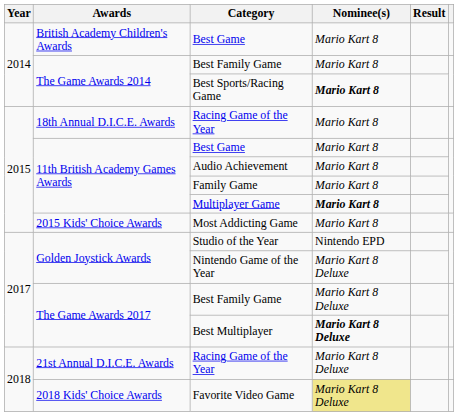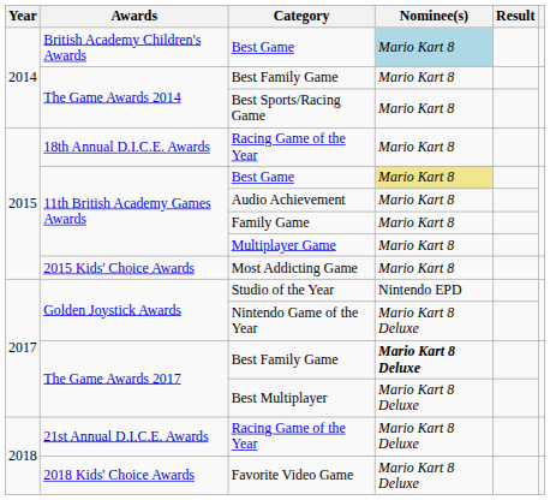 <table class="wikitable mw-collapsible">
 <tr>
 <th>Year</th>
 <th>Awards</th>
 <th>Category</th>
 <th>Nominee(s)</th>
 <th>Result</th>
 <th></th>
 </tr>
 <tr>
 <td rowspan="3" align="center">2014</td>
 <td><a href='#'>British Academy Children's Awards</a></td>
 <td><a href='#'>Best Game</a></td>
-<td><em>Mario Kart 8</em></td>
+<td style="background: lightblue;"><em>Mario Kart 8</em></td>
 <td></td>
 <td align="center"></td>
 </tr>
 <tr>
 <td rowspan="2"><a href='#'>The Game Awards 2014</a></td>
 <td>Best Family Game</td>
 <td><em>Mario Kart 8</em></td>
 <td></td>
 <td rowspan="2" align="center"></td>
 </tr>
 <tr>
 <td>Best Sports/Racing Game</td>
-<td><strong><em>Mario Kart 8</em></strong></td>
+<td><em>Mario Kart 8</em></td>
 <td></td>
 </tr>
 <tr>
 <td rowspan="6" align="center">2015</td>
 <td><a href='#'>18th Annual D.I.C.E. Awards</a></td>
 <td><a href='#'>Racing Game of the Year</a></td>
 <td><em>Mario Kart 8</em></td>
 <td></td>
 <td align="center"></td>
 </tr>
 <tr>
 <td rowspan="4"><a href='#'>11th British Academy Games Awards</a></td>
 <td><a href='#'>Best Game</a></td>
-<td><em>Mario Kart 8</em></td>
+<td style="background: khaki;"><em>Mario Kart 8</em></td>
 <td></td>
 <td rowspan="4" align="center"></td>
 </tr>
 <tr>
 <td>Audio Achievement</td>
 <td><em>Mario Kart 8</em></td>
 <td></td>
 </tr>
 <tr>
 <td>Family Game</td>
 <td><em>Mario Kart 8</em></td>
 <td></td>
 </tr>
 <tr>
 <td><a href='#'>Multiplayer Game</a></td>
-<td><strong><em>Mario Kart 8</em></strong></td>
+<td><em>Mario Kart 8</em></td>
 <td></td>
 </tr>
 <tr>
 <td><a href='#'>2015 Kids' Choice Awards</a></td>
 <td>Most Addicting Game</td>
 <td><em>Mario Kart 8</em></td>
 <td></td>
 <td align="center"></td>
 </tr>
 <tr>
 <td rowspan="4">2017</td>
 <td rowspan="2"><a href='#'>Golden Joystick Awards</a></td>
 <td>Studio of the Year</td>
 <td>Nintendo EPD</td>
 <td></td>
 <td rowspan="2" align="center"></td>
 </tr>
 <tr>
 <td>Nintendo Game of the Year</td>
 <td><em>Mario Kart 8 Deluxe</em></td>
 <td></td>
 </tr>
 <tr>
 <td rowspan="2"><a href='#'>The Game Awards 2017</a></td>
 <td>Best Family Game</td>
-<td><em>Mario Kart 8 Deluxe</em></td>
+<td><strong><em>Mario Kart 8 Deluxe</em></strong></td>
 <td></td>
 <td rowspan="2" align="center"></td>
 </tr>
 <tr>
 <td>Best Multiplayer</td>
-<td><strong><em>Mario Kart 8 Deluxe</em></strong></td>
+<td><em>Mario Kart 8 Deluxe</em></td>
 <td></td>
 </tr>
 <tr>
 <td rowspan="2">2018</td>
 <td><a href='#'>21st Annual D.I.C.E. Awards</a></td>
 <td><a href='#'>Racing Game of the Year</a></td>
 <td><em>Mario Kart 8 Deluxe</em></td>
 <td></td>
 <td align="center"></td>
 </tr>
 <tr>
 <td><a href='#'>2018 Kids' Choice Awards</a></td>
 <td>Favorite Video Game</td>
-<td style="background: khaki;"><em>Mario Kart 8 Deluxe</em></td>
+<td><em>Mario Kart 8 Deluxe</em></td>
 <td></td>
 <td align="center"></td>
 </tr>
 </table>
